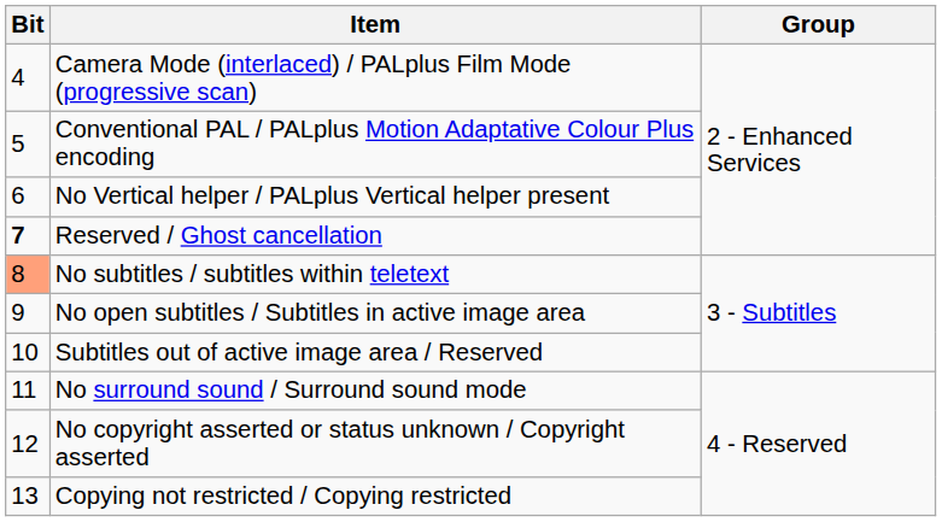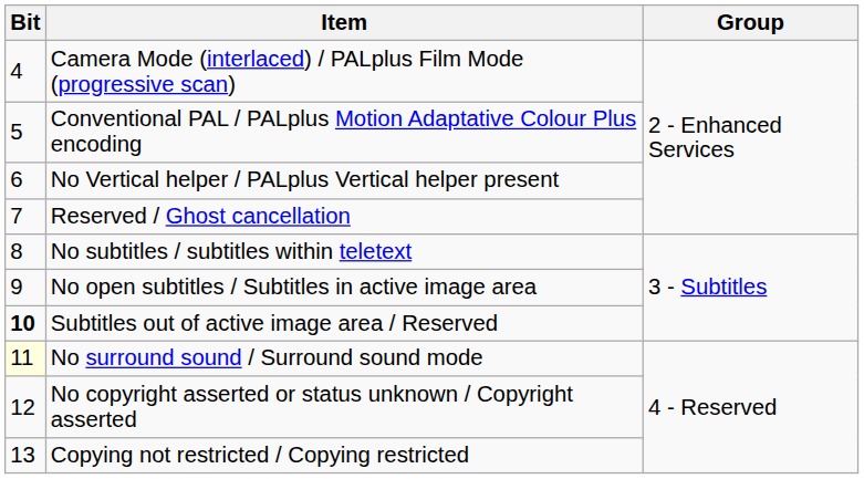 <table class="wikitable">
 <tr>
 <th>Bit</th>
 <th>Item</th>
 <th>Group</th>
 </tr>
 <tr>
 <td>4</td>
 <td>Camera Mode  (<a href='#'>interlaced</a>) / PALplus Film Mode (<a href='#'>progressive scan</a>)</td>
 <td rowspan="4">2 - Enhanced Services</td>
 </tr>
 <tr>
 <td>5</td>
 <td>Conventional PAL / PALplus <a href='#'>Motion Adaptative Colour Plus</a> encoding</td>
 </tr>
 <tr>
 <td>6</td>
 <td>No Vertical helper / PALplus Vertical helper present</td>
 </tr>
 <tr>
-<td><strong>7</strong></td>
+<td>7</td>
 <td>Reserved / <a href='#'>Ghost cancellation</a></td>
 </tr>
 <tr>
-<td style="background: lightsalmon;">8</td>
+<td>8</td>
 <td>No subtitles / subtitles within <a href='#'>teletext</a></td>
 <td rowspan="3">3 - <a href='#'>Subtitles</a></td>
 </tr>
 <tr>
 <td>9</td>
 <td>No open subtitles / Subtitles in active image area</td>
 </tr>
 <tr>
-<td>10</td>
+<td><strong>10</strong></td>
 <td>Subtitles out of active image area / Reserved</td>
 </tr>
 <tr>
-<td>11</td>
+<td style="background: lightyellow;">11</td>
 <td>No <a href='#'>surround sound</a> / Surround sound mode</td>
 <td rowspan="3">4 - Reserved</td>
 </tr>
 <tr>
 <td>12</td>
 <td>No copyright asserted or status unknown / Copyright asserted</td>
 </tr>
 <tr>
 <td>13</td>
 <td>Copying not restricted / Copying restricted</td>
 </tr>
 </table>
